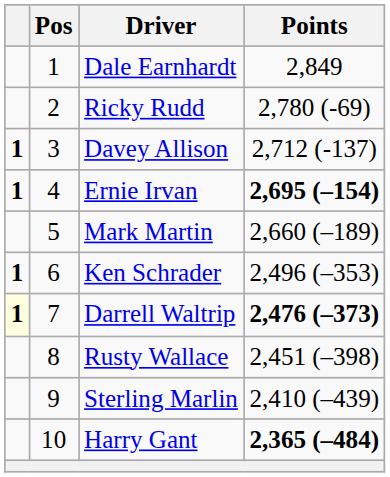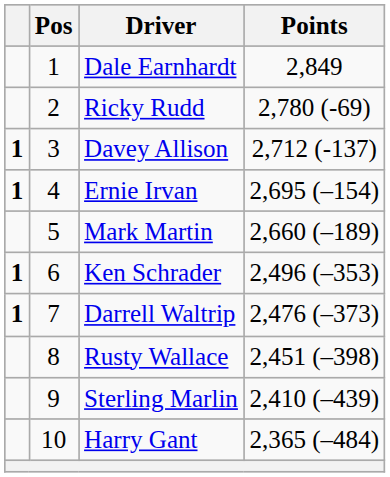 <table class="wikitable" style="font-size: 95%;">
 <tr>
 <th></th>
 <th>Pos</th>
 <th>Driver</th>
 <th>Points</th>
 </tr>
 <tr>
 <td align="left"></td>
 <td style="text-align:center;">1</td>
 <td><a href='#'>Dale Earnhardt</a></td>
 <td style="text-align:center;">2,849</td>
 </tr>
 <tr>
 <td align="left"></td>
 <td style="text-align:center;">2</td>
 <td><a href='#'>Ricky Rudd</a></td>
 <td style="text-align:center;">2,780 (-69)</td>
 </tr>
 <tr>
 <td align="left">  <strong>1</strong></td>
 <td style="text-align:center;">3</td>
 <td><a href='#'>Davey Allison</a></td>
 <td style="text-align:center;">2,712 (-137)</td>
 </tr>
 <tr>
 <td align="left">  <strong>1</strong></td>
 <td style="text-align:center;">4</td>
 <td><a href='#'>Ernie Irvan</a></td>
-<td style="text-align:center;"><strong>2,695 (–154)</strong></td>
+<td style="text-align:center;">2,695 (–154)</td>
 </tr>
 <tr>
 <td align="left"></td>
 <td style="text-align:center;">5</td>
 <td><a href='#'>Mark Martin</a></td>
 <td style="text-align:center;">2,660 (–189)</td>
 </tr>
 <tr>
 <td align="left">  <strong>1</strong></td>
 <td style="text-align:center;">6</td>
 <td><a href='#'>Ken Schrader</a></td>
 <td style="text-align:center;">2,496 (–353)</td>
 </tr>
 <tr>
-<td align="left" style="background: lightyellow;">  <strong>1</strong></td>
+<td align="left">  <strong>1</strong></td>
 <td style="text-align:center;">7</td>
 <td><a href='#'>Darrell Waltrip</a></td>
-<td style="text-align:center;"><strong>2,476 (–373)</strong></td>
+<td style="text-align:center;">2,476 (–373)</td>
 </tr>
 <tr>
 <td align="left"></td>
 <td style="text-align:center;">8</td>
 <td><a href='#'>Rusty Wallace</a></td>
 <td style="text-align:center;">2,451 (–398)</td>
 </tr>
 <tr>
 <td align="left"></td>
 <td style="text-align:center;">9</td>
 <td><a href='#'>Sterling Marlin</a></td>
 <td style="text-align:center;">2,410 (–439)</td>
 </tr>
 <tr>
 <td align="left"></td>
 <td style="text-align:center;">10</td>
 <td><a href='#'>Harry Gant</a></td>
-<td style="text-align:center;"><strong>2,365 (–484)</strong></td>
+<td style="text-align:center;">2,365 (–484)</td>
 </tr>
 <tr class="sortbottom">
 <th colspan="9"></th>
 </tr>
 </table>
